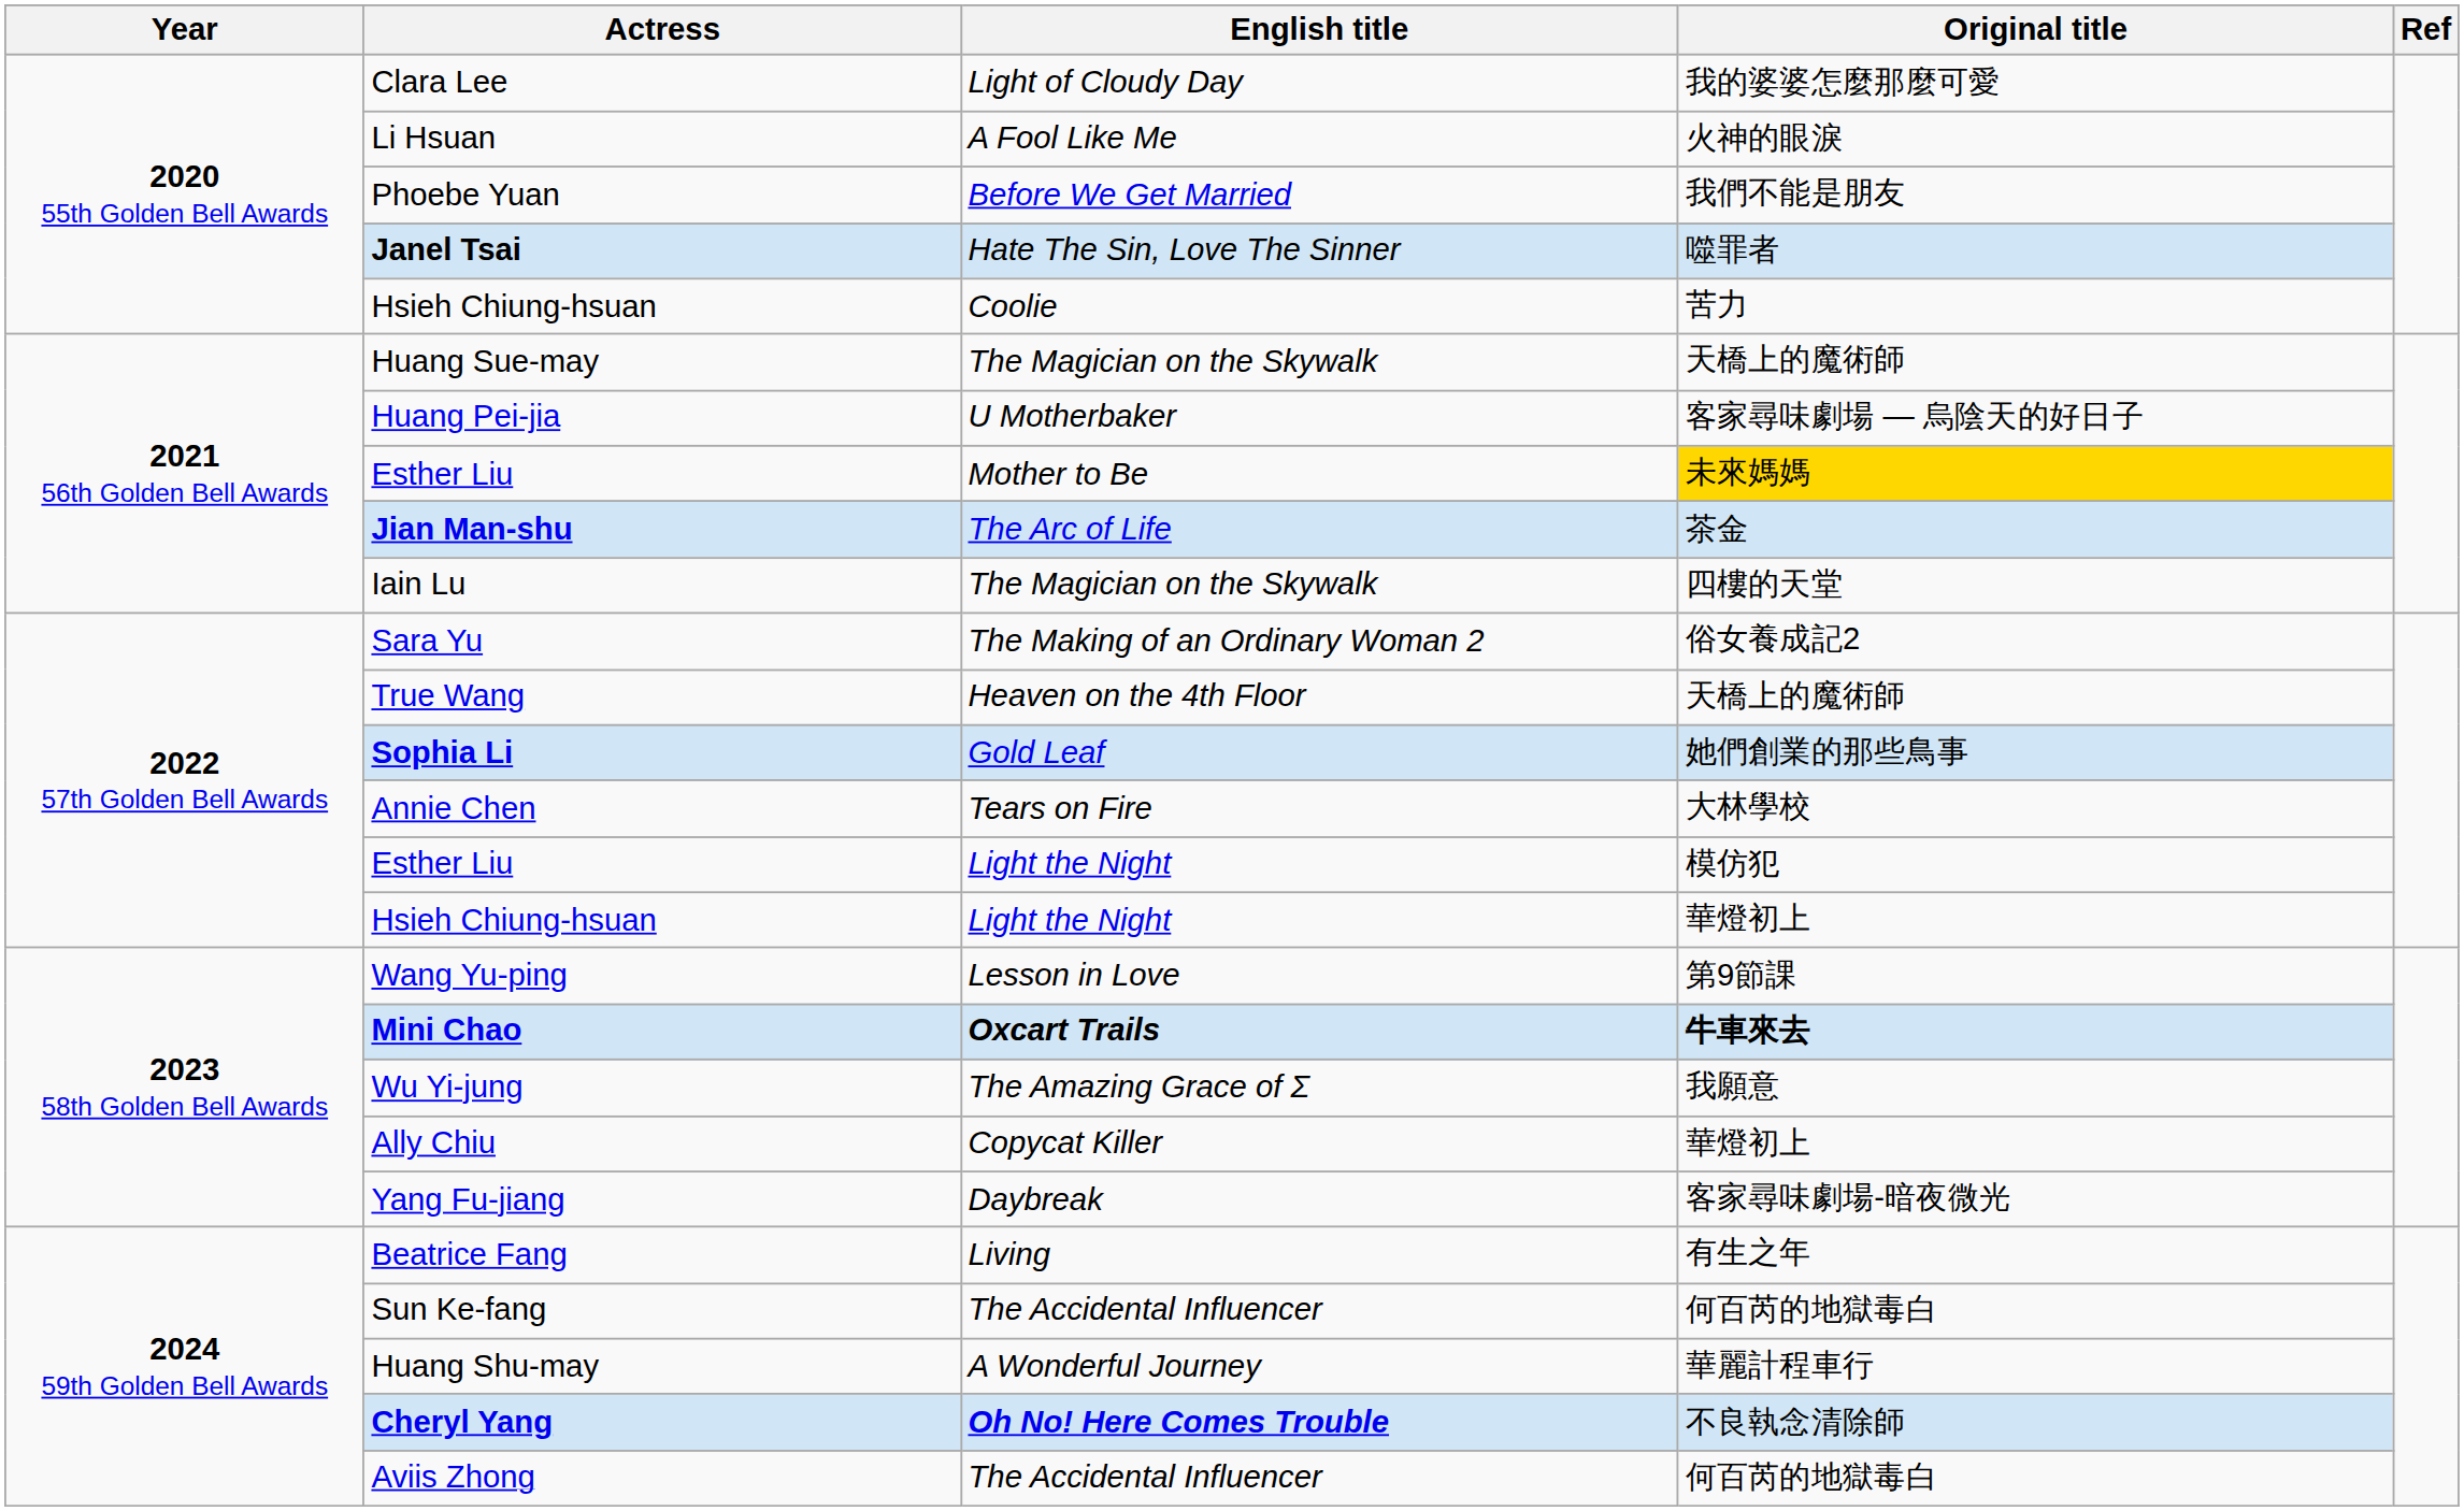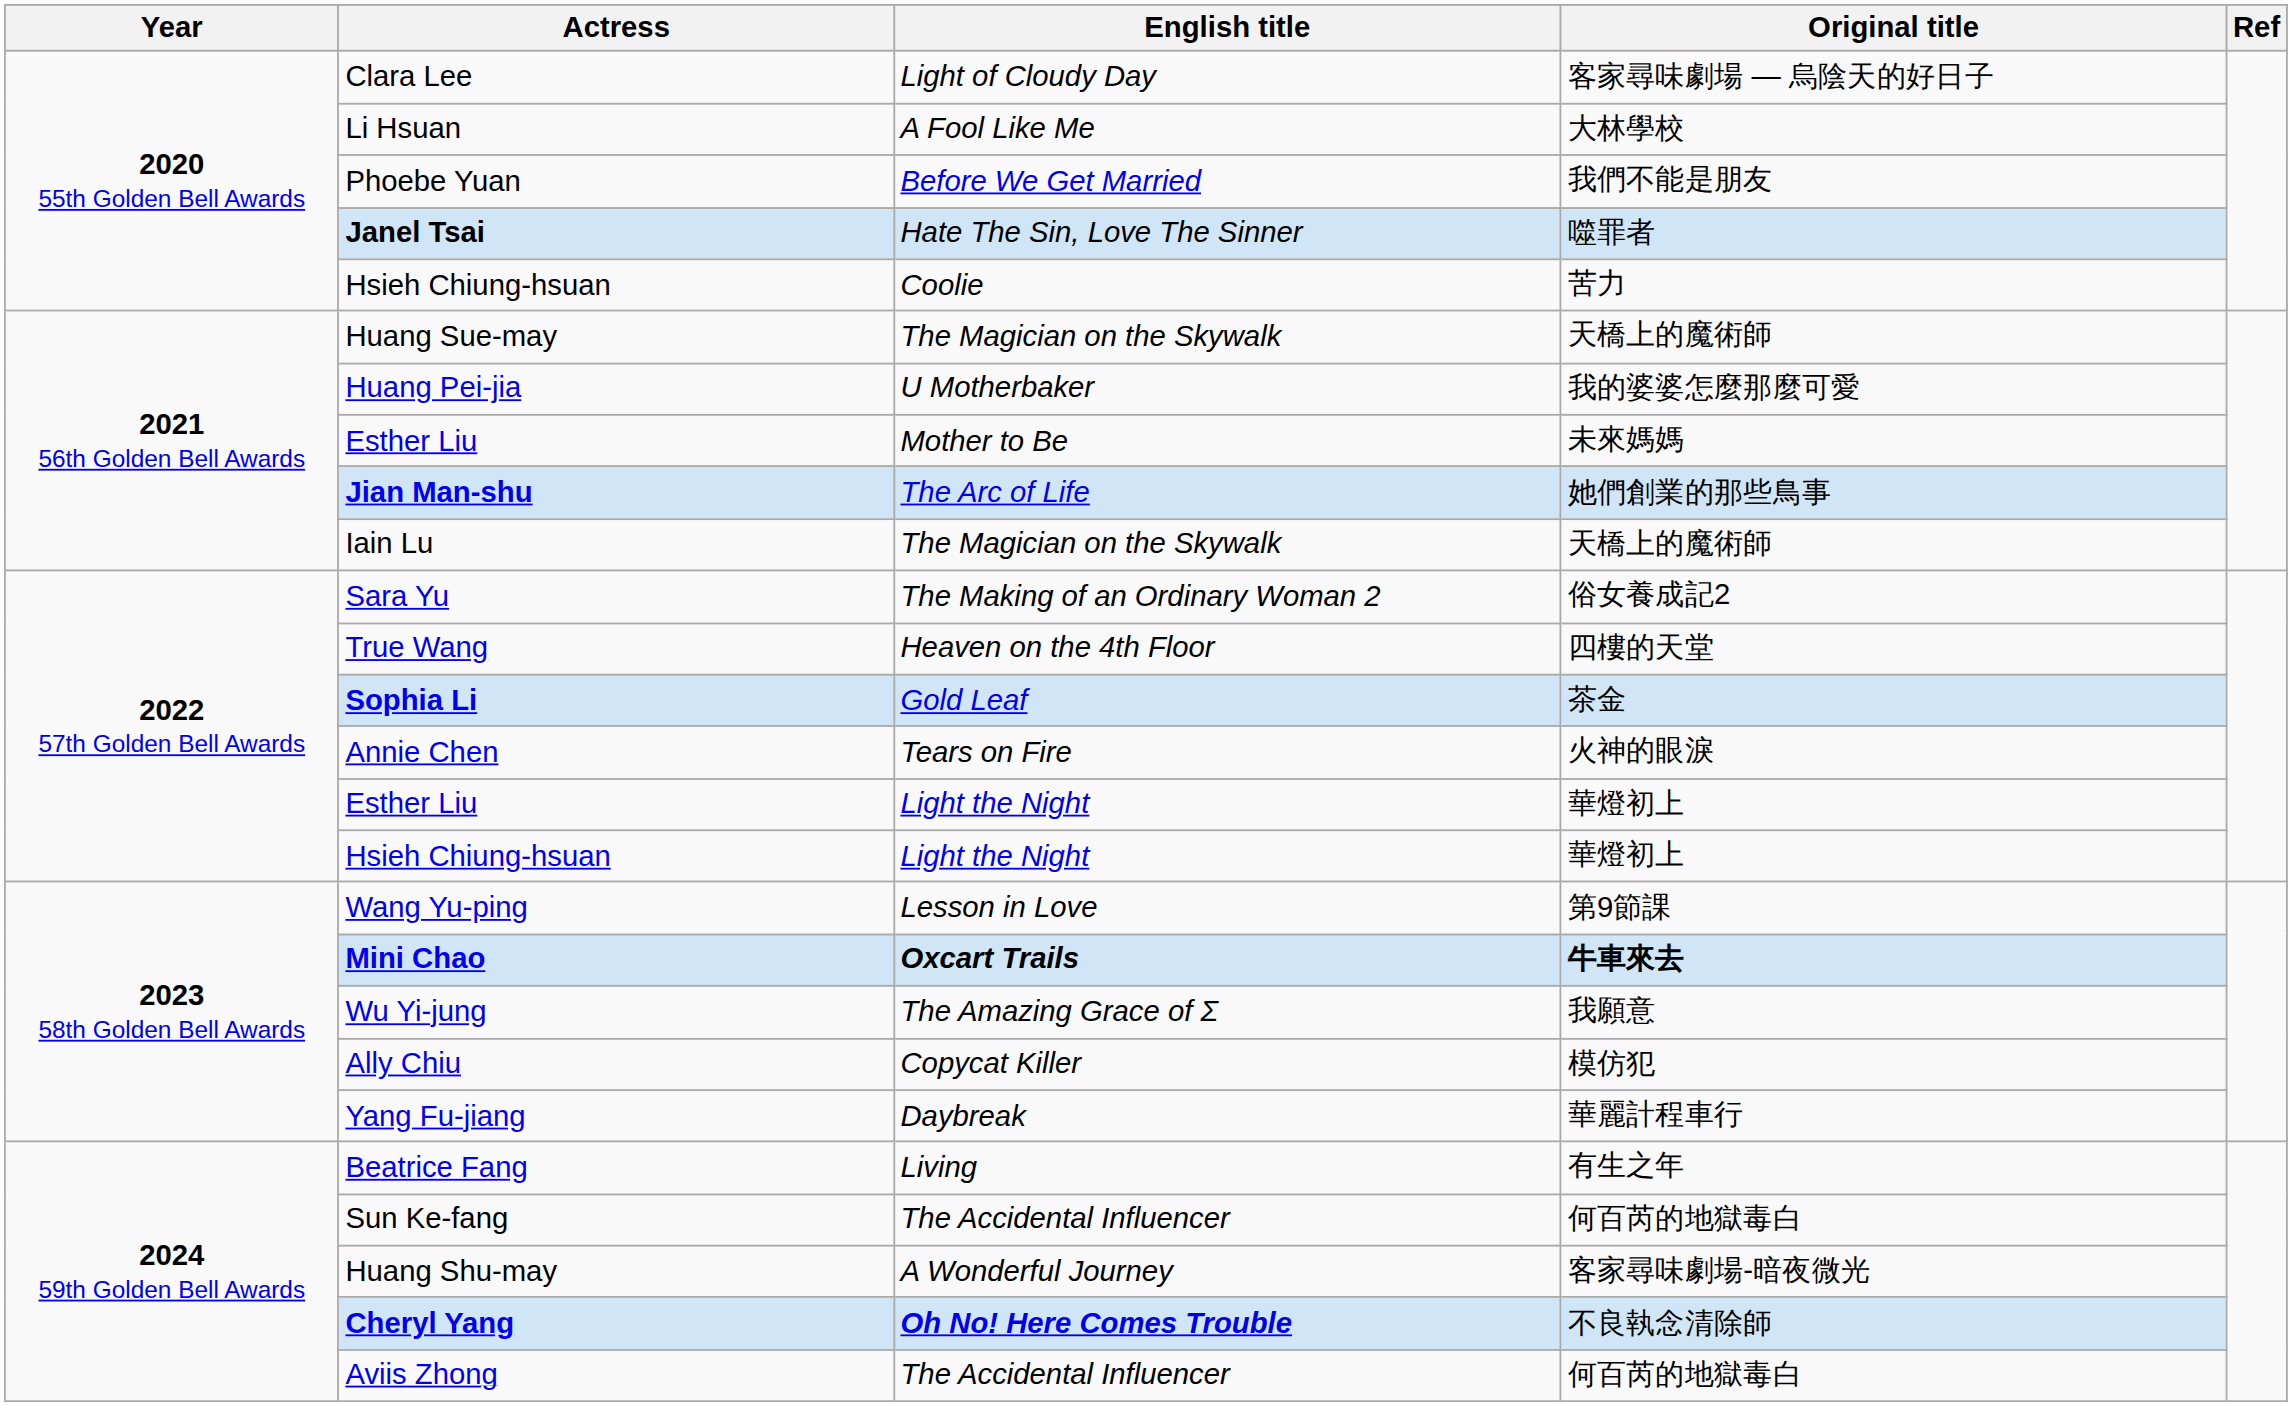 <table class="wikitable">
 <tr style="background:#bebebe;">
 <th style="width:15%;">Year</th>
 <th style="width:25%;">Actress</th>
 <th style="width:30%;">English title</th>
 <th style="width:30%;">Original title</th>
 <th style="width:2%;">Ref</th>
 </tr>
 <tr>
 <td rowspan=5 style="text-align:center"><strong>2020</strong> <br> <small><a href='#'>55th Golden Bell Awards</a></small></td>
 <td>Clara Lee</td>
 <td><em>Light of Cloudy Day</em></td>
-<td>我的婆婆怎麼那麼可愛</td>
+<td>客家尋味劇場 — 烏陰天的好日子</td>
 <td rowspan=5></td>
 </tr>
 <tr>
 <td>Li Hsuan</td>
 <td><em>A Fool Like Me</em></td>
-<td>火神的眼淚</td>
+<td>大林學校</td>
 </tr>
 <tr>
 <td>Phoebe Yuan</td>
 <td><em><a href='#'>Before We Get Married</a></em></td>
 <td>我們不能是朋友</td>
 </tr>
 <tr>
 <td style="background:#d0e5f5;"><strong>Janel Tsai</strong></td>
 <td style="background:#d0e5f5;"><em>Hate The Sin, Love The Sinner	</em></td>
 <td style="background:#d0e5f5;">噬罪者</td>
 </tr>
 <tr>
 <td>Hsieh Chiung-hsuan</td>
 <td><em>Coolie</em></td>
 <td>苦力</td>
 </tr>
 <tr>
 <td rowspan=5 style="text-align:center"><strong>2021</strong> <br> <small><a href='#'>56th Golden Bell Awards</a></small></td>
 <td>Huang Sue-may</td>
 <td><em>The Magician on the Skywalk</em></td>
 <td>天橋上的魔術師</td>
 <td rowspan=5></td>
 </tr>
 <tr>
 <td><a href='#'>Huang Pei-jia</a></td>
 <td><em>U Motherbaker</em></td>
-<td>客家尋味劇場 — 烏陰天的好日子</td>
+<td>我的婆婆怎麼那麼可愛</td>
 </tr>
 <tr>
 <td><a href='#'>Esther Liu</a></td>
 <td><em>Mother to Be</em></td>
-<td style="background: gold;">未來媽媽</td>
+<td>未來媽媽</td>
 </tr>
 <tr>
 <td style="background:#d0e5f5;"><strong><a href='#'>Jian Man-shu</a></strong></td>
 <td style="background:#d0e5f5;"><em><a href='#'>The Arc of Life</a></em></td>
-<td style="background:#d0e5f5;">茶金</td>
+<td style="background:#d0e5f5;">她們創業的那些鳥事</td>
 </tr>
 <tr>
 <td>Iain Lu</td>
 <td><em>The Magician on the Skywalk</em></td>
-<td>四樓的天堂</td>
+<td>天橋上的魔術師</td>
 </tr>
 <tr>
 <td rowspan=6 style="text-align:center"><strong>2022</strong> <br> <small><a href='#'>57th Golden Bell Awards</a></small></td>
 <td><a href='#'>Sara Yu</a></td>
 <td><em>The Making of an Ordinary Woman 2</em></td>
 <td>俗女養成記2</td>
 <td rowspan=6></td>
 </tr>
 <tr>
 <td><a href='#'>True Wang</a></td>
 <td><em>Heaven on the 4th Floor</em></td>
-<td>天橋上的魔術師</td>
+<td>四樓的天堂</td>
 </tr>
 <tr>
 <td style="background:#d0e5f5;"><strong><a href='#'>Sophia Li</a></strong></td>
 <td style="background:#d0e5f5;"><em><a href='#'>Gold Leaf</a></em></td>
-<td style="background:#d0e5f5;">她們創業的那些鳥事</td>
+<td style="background:#d0e5f5;">茶金</td>
 </tr>
 <tr>
 <td><a href='#'>Annie Chen</a></td>
 <td><em>Tears on Fire</em></td>
-<td>大林學校</td>
+<td>火神的眼淚</td>
 </tr>
 <tr>
 <td><a href='#'>Esther Liu</a></td>
 <td><em><a href='#'>Light the Night</a></em></td>
-<td>模仿犯</td>
+<td>華燈初上</td>
 </tr>
 <tr>
 <td><a href='#'>Hsieh Chiung-hsuan</a></td>
 <td><em><a href='#'>Light the Night</a></em></td>
 <td>華燈初上</td>
 </tr>
 <tr>
 <td rowspan=5 style="text-align:center"><strong>2023</strong> <br> <small><a href='#'>58th Golden Bell Awards</a></small></td>
 <td><a href='#'>Wang Yu-ping</a></td>
 <td><em>Lesson in Love</em></td>
 <td>第9節課</td>
 <td rowspan=5></td>
 </tr>
 <tr style="background:#d0e5f5;">
 <td><strong><a href='#'>Mini Chao</a></strong></td>
 <td><strong><em>Oxcart Trails</em></strong></td>
 <td><strong>牛車來去</strong></td>
 </tr>
 <tr>
 <td><a href='#'>Wu Yi-jung</a></td>
 <td><em>The Amazing Grace of Σ</em></td>
 <td>我願意</td>
 </tr>
 <tr>
 <td><a href='#'>Ally Chiu</a></td>
 <td><em>Copycat Killer</em></td>
-<td>華燈初上</td>
+<td>模仿犯</td>
 </tr>
 <tr>
 <td><a href='#'>Yang Fu-jiang</a></td>
 <td><em>Daybreak</em></td>
-<td>客家尋味劇場-暗夜微光</td>
+<td>華麗計程車行</td>
 </tr>
 <tr>
 <td rowspan=5 style="text-align:center"><strong>2024</strong> <br> <small><a href='#'>59th Golden Bell Awards</a></small></td>
 <td><a href='#'>Beatrice Fang</a></td>
 <td><em>Living</em></td>
 <td>有生之年</td>
 <td rowspan=5></td>
 </tr>
 <tr>
 <td>Sun Ke-fang</td>
 <td><em>The Accidental Influencer</em></td>
 <td>何百芮的地獄毒白</td>
 </tr>
 <tr>
 <td>Huang Shu-may</td>
 <td><em>A Wonderful Journey</em></td>
-<td>華麗計程車行</td>
+<td>客家尋味劇場-暗夜微光</td>
 </tr>
 <tr>
 <td style="background:#d0e5f5;"><strong><a href='#'>Cheryl Yang</a></strong></td>
 <td style="background:#d0e5f5;"><strong><em><a href='#'>Oh No! Here Comes Trouble</a></em></strong></td>
 <td style="background:#d0e5f5;">不良執念清除師</td>
 </tr>
 <tr>
 <td><a href='#'>Aviis Zhong</a></td>
 <td><em>The Accidental Influencer</em></td>
 <td>何百芮的地獄毒白</td>
 </tr>
 </table>
